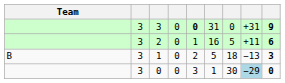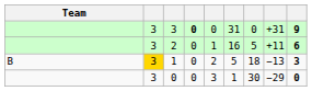 <table class="wikitable" style="text-align: center;">
 <tr>
 <th width=175>Team</th>
 <th width=20></th>
 <th width=20></th>
 <th width=20></th>
 <th width=20></th>
 <th width=20></th>
 <th width=20></th>
 <th width=20></th>
 <th width=20></th>
 </tr>
 <tr bgcolor=#ccffcc>
 <td style="text-align:left;"></td>
 <td>3</td>
 <td>3</td>
+<td><strong>0</strong></td>
 <td>0</td>
-<td><strong>0</strong></td>
 <td>31</td>
 <td>0</td>
 <td>+31</td>
 <td><strong>9</strong></td>
 </tr>
 <tr bgcolor=#ccffcc>
 <td style="text-align:left;"></td>
 <td>3</td>
 <td>2</td>
 <td>0</td>
 <td>1</td>
 <td>16</td>
 <td>5</td>
 <td>+11</td>
 <td><strong>6</strong></td>
 </tr>
 <tr>
 <td style="text-align:left;"> B</td>
-<td>3</td>
+<td style="background: gold;">3</td>
 <td>1</td>
 <td>0</td>
 <td>2</td>
 <td>5</td>
 <td>18</td>
 <td>−13</td>
 <td><strong>3</strong></td>
 </tr>
 <tr>
 <td style="text-align:left;"></td>
 <td>3</td>
 <td>0</td>
 <td>0</td>
 <td>3</td>
 <td>1</td>
 <td>30</td>
-<td style="background: lightblue;">−29</td>
+<td>−29</td>
 <td><strong>0</strong></td>
 </tr>
 </table>
